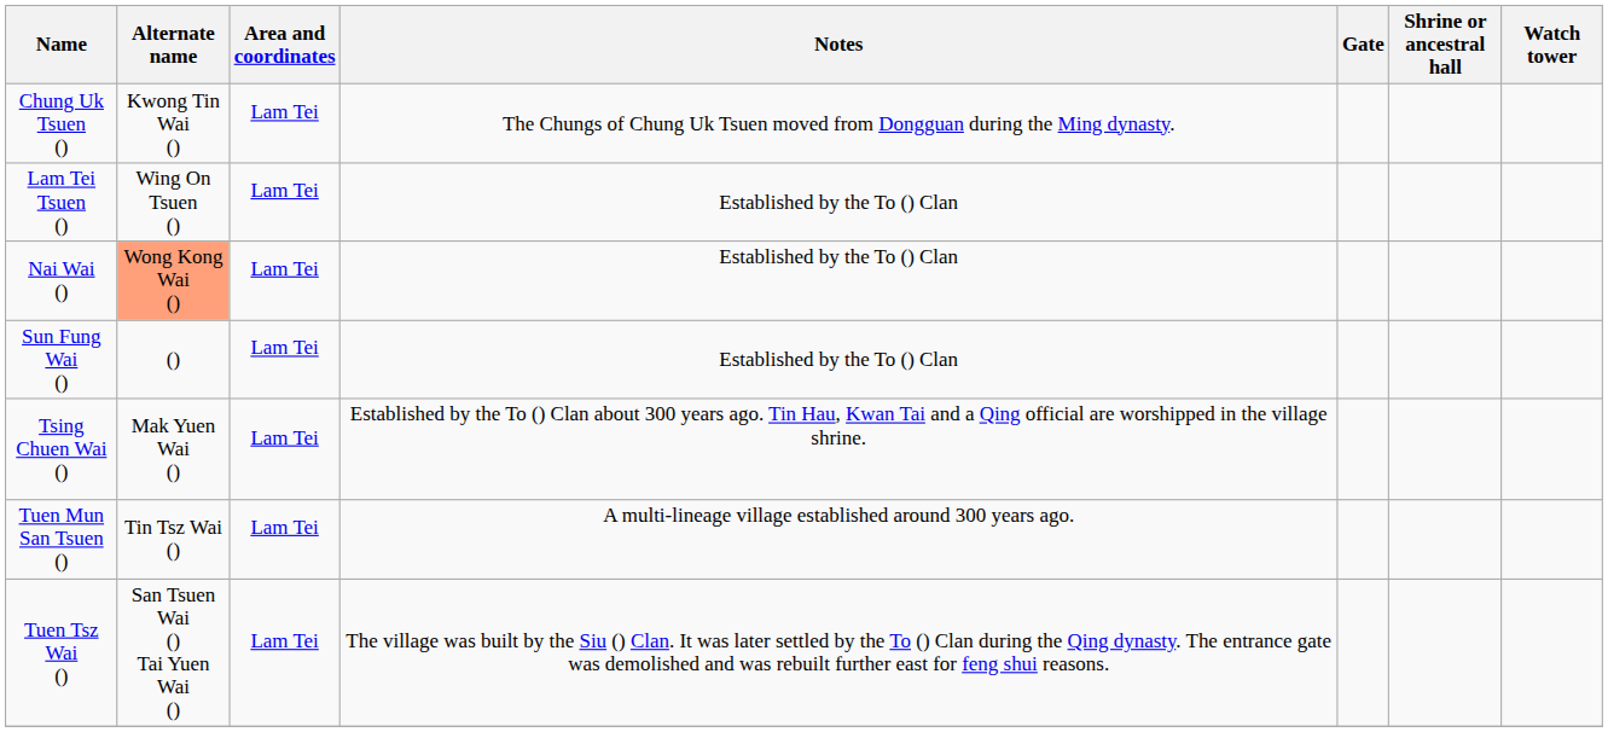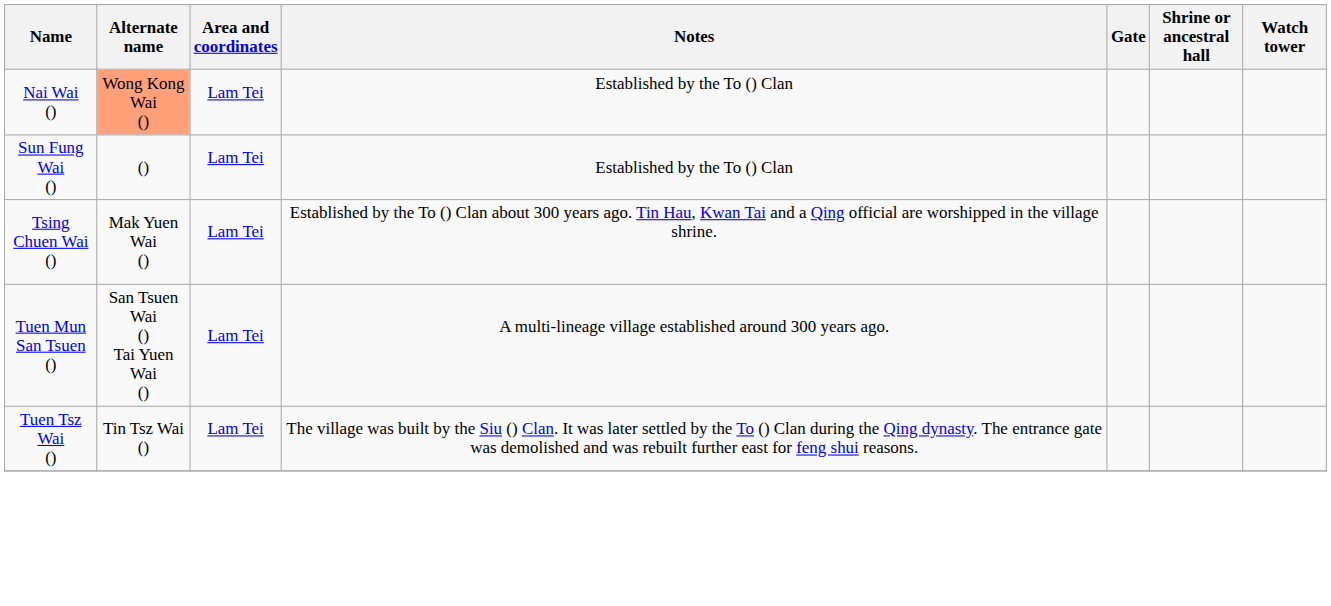 <table class="wikitable sortable" style="text-align:center" style="width:95%">
 <tr>
 <th style="width:80px;">Name</th>
 <th style="width:80px;">Alternate name</th>
 <th>Area and<br><a href='#'>coordinates</a></th>
 <th>Notes</th>
 <th>Gate</th>
 <th>Shrine or<br>ancestral hall</th>
 <th>Watch tower</th>
-</tr>
-<tr>
-<td style="text-align:center"><a href='#'>Chung Uk Tsuen</a><br>()</td>
-<td style="text-align:center">Kwong Tin Wai<br>()</td>
-<td style="text-align:center"><a href='#'>Lam Tei</a><br><br></td>
-<td>The Chungs of Chung Uk Tsuen moved from <a href='#'>Dongguan</a> during the <a href='#'>Ming dynasty</a>.</td>
-<td></td>
-<td></td>
-<td></td>
-</tr>
-<tr>
-<td style="text-align:center"><a href='#'>Lam Tei Tsuen</a><br>()</td>
-<td style="text-align:center">Wing On Tsuen<br>()</td>
-<td style="text-align:center"><a href='#'>Lam Tei</a><br><br></td>
-<td>Established by the To () Clan</td>
-<td></td>
-<td></td>
-<td></td>
 </tr>
 <tr>
 <td style="text-align:center"><a href='#'>Nai Wai</a><br>()</td>
 <td style="background: lightsalmon; text-align:center">Wong Kong Wai<br>()</td>
 <td style="text-align:center"><a href='#'>Lam Tei</a><br><br></td>
 <td>Established by the To () Clan<br><br><br>  </td>
 <td></td>
 <td></td>
 <td></td>
 </tr>
 <tr>
 <td style="text-align:center"><a href='#'>Sun Fung Wai</a><br>()</td>
 <td style="text-align:center">()</td>
 <td style="text-align:center"><a href='#'>Lam Tei</a><br><br></td>
 <td>Established by the To () Clan</td>
 <td></td>
 <td></td>
 <td></td>
 </tr>
 <tr>
 <td style="text-align:center"><a href='#'>Tsing Chuen Wai</a><br>()</td>
 <td style="text-align:center">Mak Yuen Wai<br>()</td>
 <td style="text-align:center"><a href='#'>Lam Tei</a><br><br></td>
 <td>Established by the To () Clan about 300 years ago. <a href='#'>Tin Hau</a>, <a href='#'>Kwan Tai</a> and a <a href='#'>Qing</a> official are worshipped in the village shrine.<br><br><br></td>
 <td></td>
 <td></td>
 <td></td>
 </tr>
 <tr>
 <td style="text-align:center"><a href='#'>Tuen Mun San Tsuen</a><br>()</td>
-<td style="text-align:center">Tin Tsz Wai<br>()</td>
+<td style="text-align:center">San Tsuen Wai<br>()<br>Tai Yuen Wai<br>()</td>
 <td style="text-align:center"><a href='#'>Lam Tei</a><br><br></td>
 <td>A multi-lineage village established around 300 years ago.<br><br><br>  </td>
 <td></td>
 <td></td>
 <td></td>
 </tr>
 <tr>
 <td style="text-align:center"><a href='#'>Tuen Tsz Wai</a><br>()</td>
-<td style="text-align:center">San Tsuen Wai<br>()<br>Tai Yuen Wai<br>()</td>
+<td style="text-align:center">Tin Tsz Wai<br>()</td>
 <td style="text-align:center"><a href='#'>Lam Tei</a><br><br></td>
 <td>The village was built by the <a href='#'>Siu</a> () <a href='#'>Clan</a>. It was later settled by the <a href='#'>To</a> () Clan during the <a href='#'>Qing dynasty</a>. The entrance gate was demolished and was rebuilt further east for <a href='#'>feng shui</a> reasons.</td>
 <td></td>
 <td></td>
 <td></td>
 </tr>
 <tr>
 </tr>
 </table>
